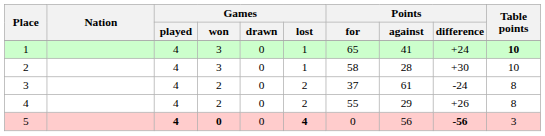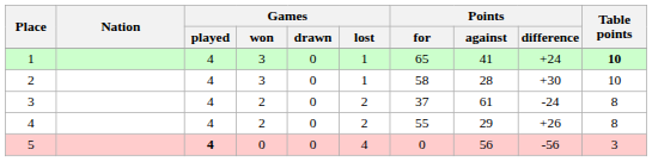 <table class="wikitable">
 <tr>
 <th rowspan=2 width="8%">Place</th>
 <th rowspan=2 width="20%">Nation</th>
 <th colspan=4 width="32%">Games</th>
 <th colspan=3 width="30%">Points</th>
 <th rowspan=2 width="10%">Table<br>points</th>
 </tr>
 <tr>
 <th width="8%">played</th>
 <th width="8%">won</th>
 <th width="8%">drawn</th>
 <th width="8%">lost</th>
 <th width="10%">for</th>
 <th width="10%">against</th>
 <th width="10%">difference</th>
 </tr>
 <tr>
 </tr>
 <tr bgcolor=#ccffcc align=center>
 <td>1</td>
 <td align=left><strong></strong></td>
 <td>4</td>
 <td>3</td>
 <td>0</td>
 <td>1</td>
 <td>65</td>
 <td>41</td>
 <td>+24</td>
 <td><strong>10</strong></td>
 </tr>
 <tr bgcolor=#ffffff align=center>
 <td>2</td>
 <td align=left></td>
 <td>4</td>
 <td>3</td>
 <td>0</td>
 <td>1</td>
 <td>58</td>
 <td>28</td>
 <td>+30</td>
 <td>10</td>
 </tr>
 <tr bgcolor=#ffffff align=center>
 <td>3</td>
 <td align=left></td>
 <td>4</td>
 <td>2</td>
 <td>0</td>
 <td>2</td>
 <td>37</td>
 <td>61</td>
 <td>-24</td>
 <td>8</td>
 </tr>
 <tr bgcolor=#ffffff align=center>
 <td>4</td>
 <td align=left></td>
 <td>4</td>
 <td>2</td>
 <td>0</td>
 <td>2</td>
 <td>55</td>
 <td>29</td>
 <td>+26</td>
 <td>8</td>
 </tr>
 <tr bgcolor=#ffcccc align=center>
 <td>5</td>
 <td align=left></td>
 <td><strong>4</strong></td>
-<td><strong>0</strong></td>
 <td>0</td>
-<td><strong>4</strong></td>
+<td>0</td>
+<td>4</td>
 <td>0</td>
 <td>56</td>
-<td><strong>-56</strong></td>
+<td>-56</td>
 <td>3</td>
 </tr>
 </table>
